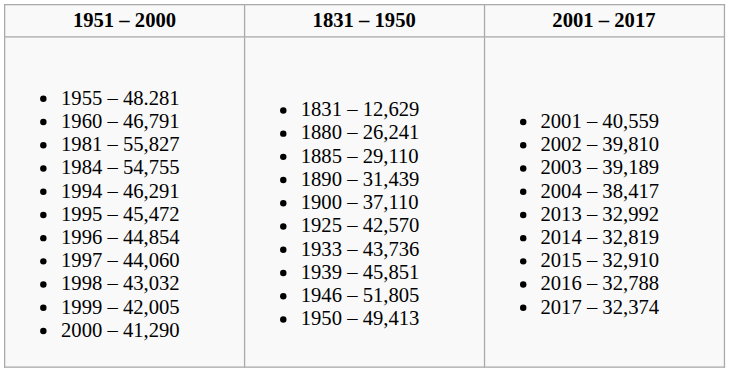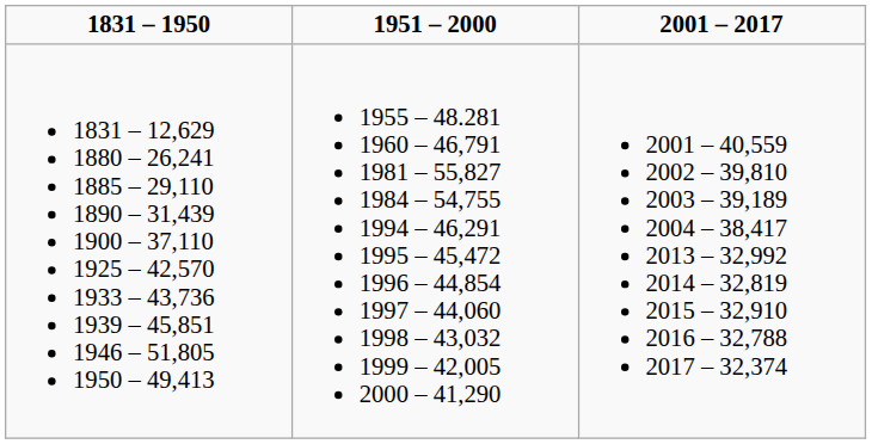 <table class="wikitable">
 <tr>
+<td !valign="top" align="center" width="25%"><strong>1831 – 1950</strong></td>
 <td !valign="top" align="center" width="25%"><strong>1951 – 2000</strong></td>
-<td !valign="top" align="center" width="25%"><strong>1831 – 1950</strong></td>
 <td !valign="top" align="center" width="25%"><strong>2001 – 2017</strong></td>
 </tr>
 <tr>
+<td><br><ul><li>1831 – 12,629</li><li>1880 – 26,241</li><li>1885 – 29,110</li><li>1890 – 31,439</li><li>1900 – 37,110</li><li>1925 – 42,570</li><li>1933 – 43,736</li><li>1939 – 45,851</li><li>1946 – 51,805 </li><li>1950 – 49,413 </li></ul></td>
 <td><br><ul><li>1955 – 48.281</li><li>1960 – 46,791</li><li>1981 – 55,827</li><li>1984 – 54,755</li><li>1994 – 46,291</li><li>1995 – 45,472</li><li>1996 – 44,854</li><li>1997 – 44,060</li><li>1998 – 43,032</li><li>1999 – 42,005</li><li>2000 – 41,290</li></ul></td>
-<td><br><ul><li>1831 – 12,629</li><li>1880 – 26,241</li><li>1885 – 29,110</li><li>1890 – 31,439</li><li>1900 – 37,110</li><li>1925 – 42,570</li><li>1933 – 43,736</li><li>1939 – 45,851</li><li>1946 – 51,805 </li><li>1950 – 49,413 </li></ul></td>
 <td><br><ul><li>2001 – 40,559</li><li>2002 – 39,810</li><li>2003 – 39,189</li><li>2004 – 38,417</li><li>2013 – 32,992</li><li>2014 – 32,819</li><li>2015 – 32,910</li><li>2016 – 32,788</li><li>2017 – 32,374</li></ul></td>
 </tr>
 </table>
